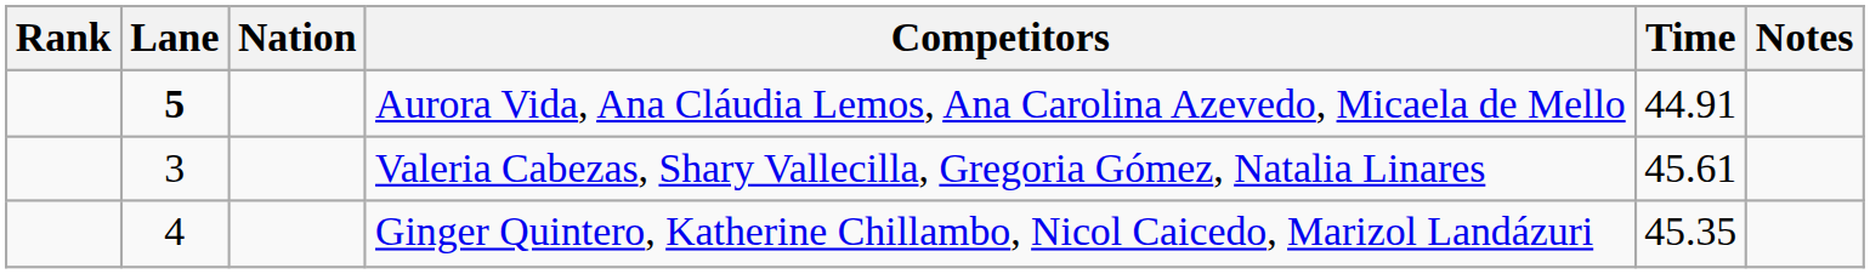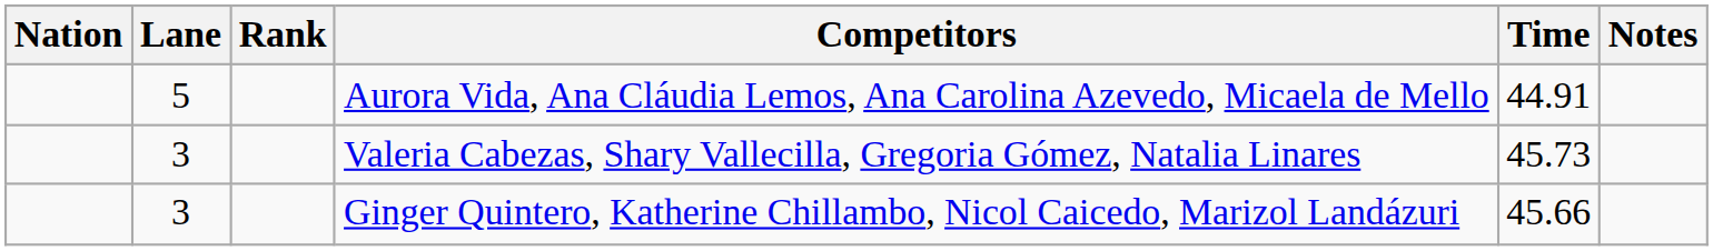 <table class="wikitable sortable" style="text-align:center">
 <tr>
+<th>Nation</th>
+<th>Lane</th>
 <th>Rank</th>
-<th>Lane</th>
-<th>Nation</th>
 <th>Competitors</th>
 <th>Time</th>
 <th>Notes</th>
 </tr>
 <tr>
+<td align=left></td>
+<td>5</td>
 <td></td>
-<td><strong>5</strong></td>
-<td align=left></td>
 <td align=left><a href='#'>Aurora Vida</a>, <a href='#'>Ana Cláudia Lemos</a>, <a href='#'>Ana Carolina Azevedo</a>, <a href='#'>Micaela de Mello</a></td>
 <td>44.91</td>
 <td></td>
 </tr>
 <tr>
+<td align=left></td>
+<td>3</td>
 <td></td>
-<td>3</td>
-<td align=left></td>
 <td align=left><a href='#'>Valeria Cabezas</a>, <a href='#'>Shary Vallecilla</a>, <a href='#'>Gregoria Gómez</a>, <a href='#'>Natalia Linares</a></td>
-<td>45.61</td>
+<td>45.73</td>
 <td></td>
 </tr>
 <tr>
+<td align=left></td>
+<td>3</td>
 <td></td>
-<td>4</td>
-<td align=left></td>
 <td align=left><a href='#'>Ginger Quintero</a>, <a href='#'>Katherine Chillambo</a>, <a href='#'>Nicol Caicedo</a>, <a href='#'>Marizol Landázuri</a></td>
-<td>45.35</td>
+<td>45.66</td>
 <td></td>
 </tr>
 </table>
